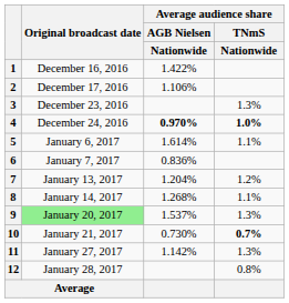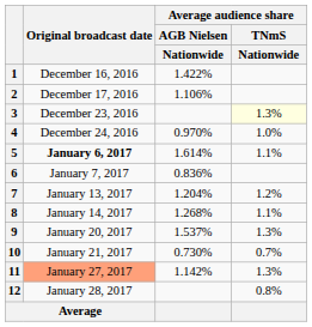 <table class="wikitable" style="text-align:center">
 <tr>
 <th rowspan="3"></th>
 <th rowspan="3">Original broadcast date</th>
 <th colspan="2">Average audience share</th>
 </tr>
 <tr>
 <th>AGB Nielsen</th>
 <th>TNmS</th>
 </tr>
 <tr>
 <th width="90">Nationwide</th>
 <th width="90">Nationwide</th>
 </tr>
 <tr>
 <th>1</th>
 <td>December 16, 2016</td>
 <td>1.422%</td>
 <td></td>
 </tr>
 <tr>
 <th>2</th>
 <td>December 17, 2016</td>
 <td>1.106%</td>
 <td></td>
 </tr>
 <tr>
 <th>3</th>
 <td>December 23, 2016</td>
 <td></td>
-<td>1.3%</td>
+<td style="background: lightyellow;">1.3%</td>
 </tr>
 <tr>
 <th>4</th>
 <td>December 24, 2016</td>
-<td><strong>0.970%</strong></td>
-<td><strong>1.0%</strong></td>
+<td>0.970%</td>
+<td>1.0%</td>
 </tr>
 <tr>
 <th>5</th>
-<td>January 6, 2017</td>
+<td><strong>January 6, 2017</strong></td>
 <td>1.614%</td>
 <td>1.1%</td>
 </tr>
 <tr>
 <th>6</th>
 <td>January 7, 2017</td>
 <td>0.836%</td>
 <td></td>
 </tr>
 <tr>
 <th>7</th>
 <td>January 13, 2017</td>
 <td>1.204%</td>
 <td>1.2%</td>
 </tr>
 <tr>
 <th>8</th>
 <td>January 14, 2017</td>
 <td>1.268%</td>
 <td>1.1%</td>
 </tr>
 <tr>
 <th>9</th>
-<td style="background: lightgreen;">January 20, 2017</td>
+<td>January 20, 2017</td>
 <td>1.537%</td>
 <td>1.3%</td>
 </tr>
 <tr>
 <th>10</th>
 <td>January 21, 2017</td>
 <td>0.730%</td>
-<td><strong>0.7%</strong></td>
+<td>0.7%</td>
 </tr>
 <tr>
 <th>11</th>
-<td>January 27, 2017</td>
+<td style="background: lightsalmon;">January 27, 2017</td>
 <td>1.142%</td>
 <td>1.3%</td>
 </tr>
 <tr>
 <th>12</th>
 <td>January 28, 2017</td>
 <td></td>
 <td>0.8%</td>
 </tr>
 <tr>
 <th colspan="2">Average</th>
 <th></th>
 <th></th>
 </tr>
 </table>
